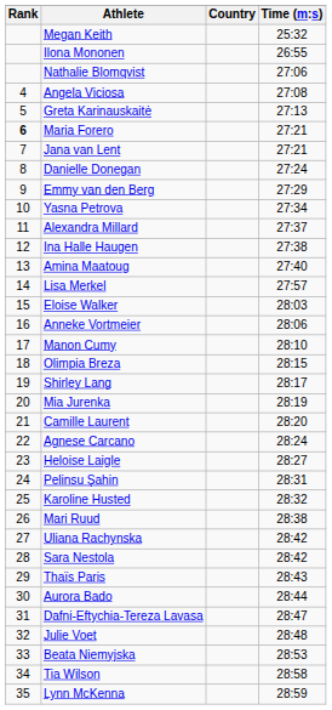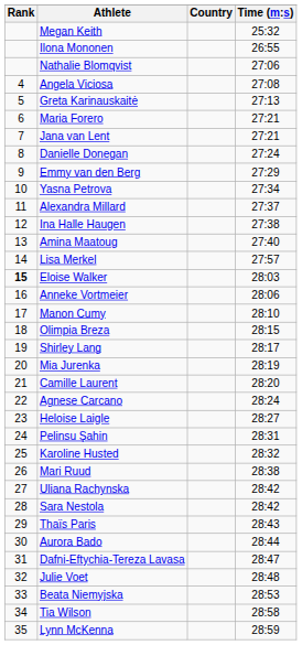 <table class="wikitable sortable" style="text-align:center;">
 <tr>
 </tr>
 <tr>
 <th>Rank</th>
 <th>Athlete</th>
 <th>Country</th>
 <th>Time (<a href='#'>m</a>:<a href='#'>s</a>)</th>
 </tr>
 <tr>
 <td></td>
 <td align=left><a href='#'>Megan Keith</a></td>
 <td align=left></td>
 <td>25:32</td>
 </tr>
 <tr>
 <td></td>
 <td align=left><a href='#'>Ilona Mononen</a></td>
 <td align=left></td>
 <td>26:55</td>
 </tr>
 <tr>
 <td></td>
 <td align=left><a href='#'>Nathalie Blomqvist</a></td>
 <td align=left></td>
 <td>27:06</td>
 </tr>
 <tr>
 <td>4</td>
 <td align=left><a href='#'>Angela Viciosa</a></td>
 <td align=left></td>
 <td>27:08</td>
 </tr>
 <tr>
 <td>5</td>
 <td align=left><a href='#'>Greta Karinauskaitė</a></td>
 <td align=left></td>
 <td>27:13</td>
 </tr>
 <tr>
-<td><strong>6</strong></td>
+<td>6</td>
 <td align=left><a href='#'>Maria Forero</a></td>
 <td align=left></td>
 <td>27:21</td>
 </tr>
 <tr>
 <td>7</td>
 <td align=left><a href='#'>Jana van Lent</a></td>
 <td align=left></td>
 <td>27:21</td>
 </tr>
 <tr>
 <td>8</td>
 <td align=left><a href='#'>Danielle Donegan</a></td>
 <td align=left></td>
 <td>27:24</td>
 </tr>
 <tr>
 <td>9</td>
 <td align=left><a href='#'>Emmy van den Berg</a></td>
 <td align=left></td>
 <td>27:29</td>
 </tr>
 <tr>
 <td>10</td>
 <td align=left><a href='#'>Yasna Petrova</a></td>
 <td align=left></td>
 <td>27:34</td>
 </tr>
 <tr>
 <td>11</td>
 <td align=left><a href='#'>Alexandra Millard</a></td>
 <td align=left></td>
 <td>27:37</td>
 </tr>
 <tr>
 <td>12</td>
 <td align=left><a href='#'>Ina Halle Haugen</a></td>
 <td align=left></td>
 <td>27:38</td>
 </tr>
 <tr>
 <td>13</td>
 <td align=left><a href='#'>Amina Maatoug</a></td>
 <td align=left></td>
 <td>27:40</td>
 </tr>
 <tr>
 <td>14</td>
 <td align=left><a href='#'>Lisa Merkel</a></td>
 <td align=left></td>
 <td>27:57</td>
 </tr>
 <tr>
-<td>15</td>
+<td><strong>15</strong></td>
 <td align=left><a href='#'>Eloise Walker</a></td>
 <td align=left></td>
 <td>28:03</td>
 </tr>
 <tr>
 <td>16</td>
 <td align=left><a href='#'>Anneke Vortmeier</a></td>
 <td align=left></td>
 <td>28:06</td>
 </tr>
 <tr>
 <td>17</td>
 <td align=left><a href='#'>Manon Cumy</a></td>
 <td align=left></td>
 <td>28:10</td>
 </tr>
 <tr>
 <td>18</td>
 <td align=left><a href='#'>Olimpia Breza</a></td>
 <td align=left></td>
 <td>28:15</td>
 </tr>
 <tr>
 <td>19</td>
 <td align=left><a href='#'>Shirley Lang</a></td>
 <td align=left></td>
 <td>28:17</td>
 </tr>
 <tr>
 <td>20</td>
 <td align=left><a href='#'>Mia Jurenka</a></td>
 <td align=left></td>
 <td>28:19</td>
 </tr>
 <tr>
 <td>21</td>
 <td align=left><a href='#'>Camille Laurent</a></td>
 <td align=left></td>
 <td>28:20</td>
 </tr>
 <tr>
 <td>22</td>
 <td align=left><a href='#'>Agnese Carcano</a></td>
 <td align=left></td>
 <td>28:24</td>
 </tr>
 <tr>
 <td>23</td>
 <td align=left><a href='#'>Heloise Laigle</a></td>
 <td align=left></td>
 <td>28:27</td>
 </tr>
 <tr>
 <td>24</td>
 <td align=left><a href='#'>Pelinsu Şahin</a></td>
 <td align=left></td>
 <td>28:31</td>
 </tr>
 <tr>
 <td>25</td>
 <td align=left><a href='#'>Karoline Husted</a></td>
 <td align=left></td>
 <td>28:32</td>
 </tr>
 <tr>
 <td>26</td>
 <td align=left><a href='#'>Mari Ruud</a></td>
 <td align=left></td>
 <td>28:38</td>
 </tr>
 <tr>
 <td>27</td>
 <td align=left><a href='#'>Uliana Rachynska</a></td>
 <td align=left></td>
 <td>28:42</td>
 </tr>
 <tr>
 <td>28</td>
 <td align=left><a href='#'>Sara Nestola</a></td>
 <td align=left></td>
 <td>28:42</td>
 </tr>
 <tr>
 <td>29</td>
 <td align=left><a href='#'>Thaïs Paris</a></td>
 <td align=left></td>
 <td>28:43</td>
 </tr>
 <tr>
 <td>30</td>
 <td align=left><a href='#'>Aurora Bado</a></td>
 <td align=left></td>
 <td>28:44</td>
 </tr>
 <tr>
 <td>31</td>
 <td align=left><a href='#'>Dafni-Eftychia-Tereza Lavasa</a></td>
 <td align=left></td>
 <td>28:47</td>
 </tr>
 <tr>
 <td>32</td>
 <td align=left><a href='#'>Julie Voet</a></td>
 <td align=left></td>
 <td>28:48</td>
 </tr>
 <tr>
 <td>33</td>
 <td align=left><a href='#'>Beata Niemyjska</a></td>
 <td align=left></td>
 <td>28:53</td>
 </tr>
 <tr>
 <td>34</td>
 <td align=left><a href='#'>Tia Wilson</a></td>
 <td align=left></td>
 <td>28:58</td>
 </tr>
 <tr>
 <td>35</td>
 <td align=left><a href='#'>Lynn McKenna</a></td>
 <td align=left></td>
 <td>28:59</td>
 </tr>
 </table>
